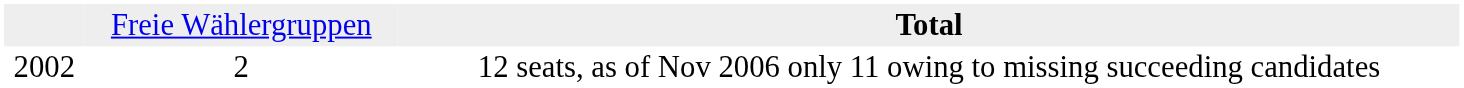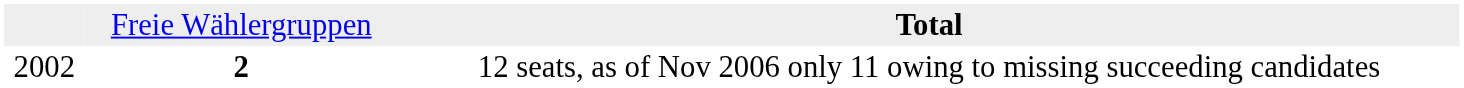 <table border="0" cellpadding="2" cellspacing="0" width="60%">
 <tr bgcolor="#eeeeee" align="center">
 <td></td>
 <td><a href='#'>Freie Wählergruppen</a></td>
 <td><strong>Total</strong></td>
 </tr>
 <tr align="center">
 <td>2002</td>
-<td>2</td>
+<td><strong>2</strong></td>
 <td>12 seats, as of Nov 2006 only 11 owing to missing succeeding candidates</td>
 </tr>
 </table>
